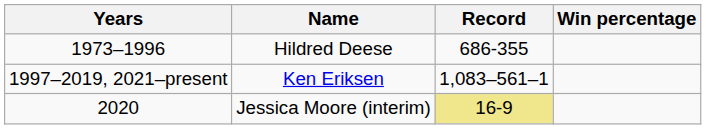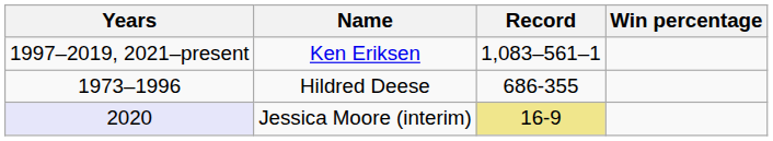 <table class="wikitable sortable" style="text-align:center;">
 <tr>
 <th style="text-align:center;">Years</th>
 <th style="text-align:center;">Name</th>
 <th style="text-align:center;">Record</th>
 <th style="text-align:center;">Win percentage</th>
 </tr>
 <tr>
+<td>1997–2019, 2021–present</td>
+<td><a href='#'>Ken Eriksen</a></td>
+<td>1,083–561–1</td>
+<td></td>
+</tr>
+<tr>
 <td>1973–1996</td>
 <td>Hildred Deese</td>
 <td>686-355</td>
 <td></td>
 </tr>
 <tr>
-<td>1997–2019, 2021–present</td>
-<td><a href='#'>Ken Eriksen</a></td>
-<td>1,083–561–1</td>
-<td></td>
-</tr>
-<tr>
-<td>2020</td>
+<td style="background: lavender;">2020</td>
 <td>Jessica Moore (interim)</td>
 <td style="background: khaki;">16-9</td>
 <td></td>
 </tr>
 </table>
